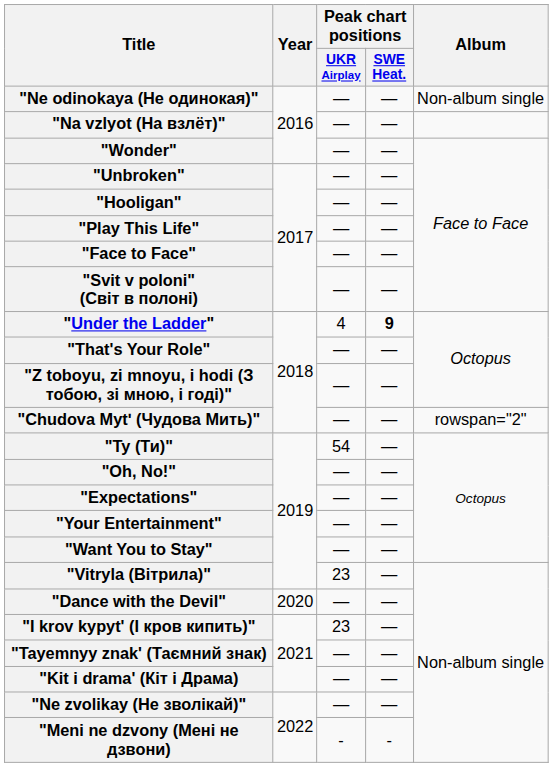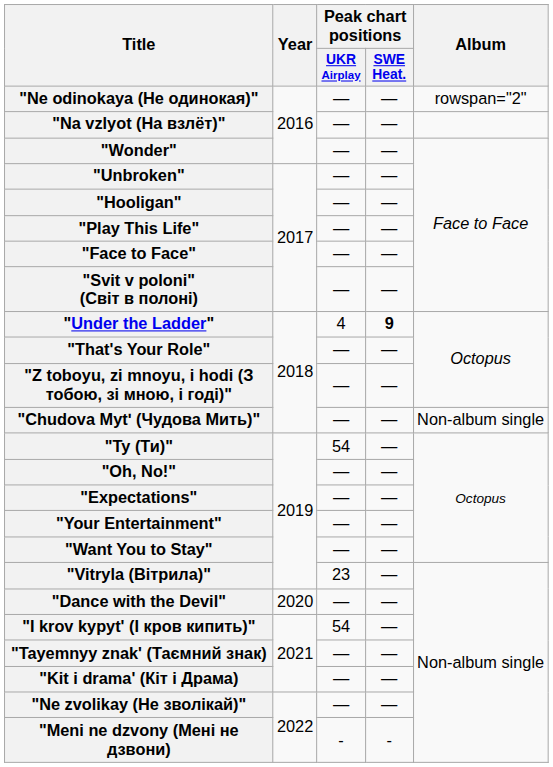 <table class="wikitable plainrowheaders" style="text-align:center;">
 <tr>
 <th scope="col" rowspan="2" style="width:16em;">Title</th>
 <th scope="col" rowspan="2" style="width:1em;">Year</th>
 <th scope="col" colspan="2">Peak chart positions</th>
 <th scope="col" rowspan="2">Album</th>
 </tr>
 <tr>
 <th scope="col" style="width:3em;font-size:85%;"><a href='#'>UKR<br><small>Airplay</small></a><br></th>
 <th scope="col" style="width:3em;font-size:85%;"><a href='#'>SWE<br>Heat.</a><br></th>
 </tr>
 <tr>
 <th scope="row">"Ne odinokaya (Не одинокая)"</th>
 <td rowspan="3">2016</td>
 <td>—</td>
 <td>—</td>
-<td>Non-album single</td>
+<td>rowspan="2" </td>
 </tr>
 <tr>
 <th scope="row">"Na vzlyot (На взлёт)"</th>
 <td>—</td>
 <td>—</td>
 </tr>
 <tr>
 <th scope="row">"Wonder"</th>
 <td>—</td>
 <td>—</td>
 <td rowspan="6"><em>Face to Face</em></td>
 </tr>
 <tr>
 <th scope="row">"Unbroken"</th>
 <td rowspan="5">2017</td>
 <td>—</td>
 <td>—</td>
 </tr>
 <tr>
 <th scope="row">"Hooligan"</th>
 <td>—</td>
 <td>—</td>
 </tr>
 <tr>
 <th scope="row">"Play This Life"</th>
 <td>—</td>
 <td>—</td>
 </tr>
 <tr>
 <th scope="row">"Face to Face"</th>
 <td>—</td>
 <td>—</td>
 </tr>
 <tr>
 <th scope="row">"Svit v poloni"<br>(Світ в полоні)</th>
 <td>—</td>
 <td>—</td>
 </tr>
 <tr>
 <th scope="row">"<a href='#'>Under the Ladder</a>"</th>
 <td rowspan="4">2018</td>
 <td>4</td>
 <td><strong>9</strong></td>
 <td rowspan="3"><em>Octopus</em></td>
 </tr>
 <tr>
 <th scope="row">"That's Your Role"</th>
 <td>—</td>
 <td>—</td>
 </tr>
 <tr>
 <th scope="row">"Z toboyu, zi mnoyu, i hodi (З тобою, зі мною, і годі)"</th>
 <td>—</td>
 <td>—</td>
 </tr>
 <tr>
 <th scope="row">"Chudova Mytʹ (Чудова Мить)"</th>
 <td>—</td>
 <td>—</td>
-<td>rowspan="2" </td>
+<td>Non-album single</td>
 </tr>
 <tr>
 <th scope="row">"Ty (Ти)"</th>
 <td rowspan="6">2019</td>
 <td>54</td>
 <td>—</td>
 <td rowspan="5"><em><small>Octopus</small></em></td>
 </tr>
 <tr>
 <th scope="row">"Oh, No!"</th>
 <td>—</td>
 <td>—</td>
 </tr>
 <tr>
 <th scope="row">"Expectations"</th>
 <td>—</td>
 <td>—</td>
 </tr>
 <tr>
 <th scope="row">"Your Entertainment"</th>
 <td>—</td>
 <td>—</td>
 </tr>
 <tr>
 <th scope="row">"Want You to Stay"</th>
 <td>—</td>
 <td>—</td>
 </tr>
 <tr>
 <th scope="row">"Vitryla (Вітрила)"</th>
 <td>23</td>
 <td>—</td>
 <td rowspan="7">Non-album single</td>
 </tr>
 <tr>
 <th scope="row">"Dance with the Devil"</th>
 <td>2020</td>
 <td>—</td>
 <td>—</td>
 </tr>
 <tr>
 <th scope="row">"I krov kypyt' (І кров кипить)"</th>
 <td rowspan="3">2021</td>
-<td>23</td>
+<td>54</td>
 <td>—</td>
 </tr>
 <tr>
 <th scope="row">"Tayemnyy znak' (Таємний знак)<br></th>
 <td>—</td>
 <td>—</td>
 </tr>
 <tr>
 <th scope="row">"Kit i drama' (Кіт і Драма)</th>
 <td>—</td>
 <td>—</td>
 </tr>
 <tr>
 <th scope="row">"Ne zvolikay (Не зволікай)"</th>
 <td rowspan="2">2022</td>
 <td>—</td>
 <td>—</td>
 </tr>
 <tr>
 <th scope="row">"Meni ne dzvony (Мені не дзвони)</th>
 <td>-</td>
 <td>-</td>
 </tr>
 </table>
